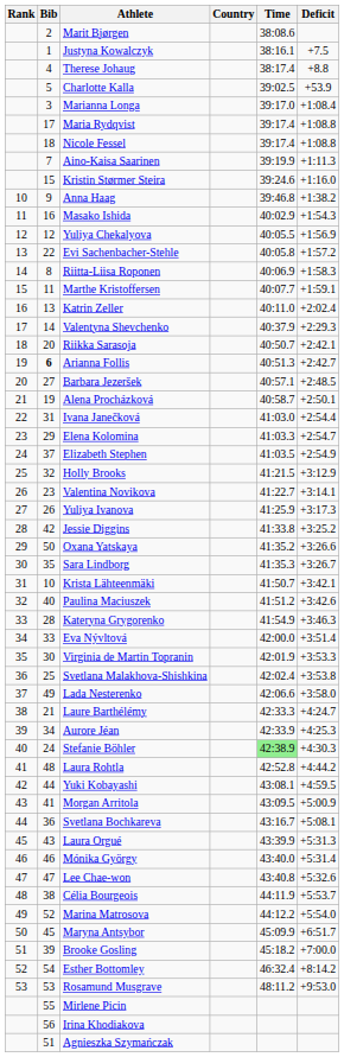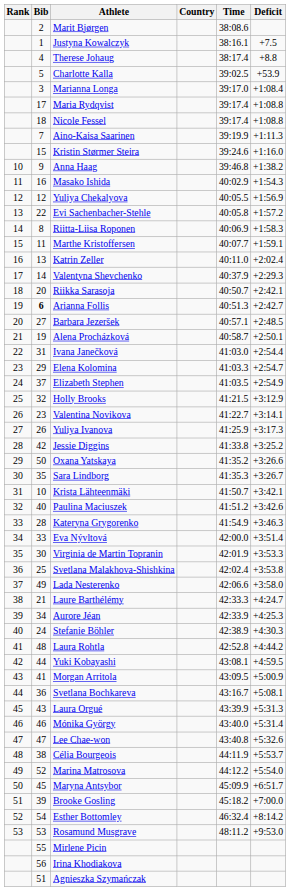 <table class="wikitable sortable" style="text-align:center">
 <tr>
 <th>Rank</th>
 <th>Bib</th>
 <th>Athlete</th>
 <th>Country</th>
 <th>Time</th>
 <th>Deficit</th>
 </tr>
 <tr>
 <td></td>
 <td>2</td>
 <td align=left><a href='#'>Marit Bjørgen</a></td>
 <td align=left></td>
 <td>38:08.6</td>
 <td></td>
 </tr>
 <tr>
 <td></td>
 <td>1</td>
 <td align=left><a href='#'>Justyna Kowalczyk</a></td>
 <td align=left></td>
 <td>38:16.1</td>
 <td>+7.5</td>
 </tr>
 <tr>
 <td></td>
 <td>4</td>
 <td align=left><a href='#'>Therese Johaug</a></td>
 <td align=left></td>
 <td>38:17.4</td>
 <td>+8.8</td>
 </tr>
 <tr>
 <td></td>
 <td>5</td>
 <td align=left><a href='#'>Charlotte Kalla</a></td>
 <td align=left></td>
 <td>39:02.5</td>
 <td>+53.9</td>
 </tr>
 <tr>
 <td></td>
 <td>3</td>
 <td align=left><a href='#'>Marianna Longa</a></td>
 <td align=left></td>
 <td>39:17.0</td>
 <td>+1:08.4</td>
 </tr>
 <tr>
 <td></td>
 <td>17</td>
 <td align=left><a href='#'>Maria Rydqvist</a></td>
 <td align=left></td>
 <td>39:17.4</td>
 <td>+1:08.8</td>
 </tr>
 <tr>
 <td></td>
 <td>18</td>
 <td align=left><a href='#'>Nicole Fessel</a></td>
 <td align=left></td>
 <td>39:17.4</td>
 <td>+1:08.8</td>
 </tr>
 <tr>
 <td></td>
 <td>7</td>
 <td align=left><a href='#'>Aino-Kaisa Saarinen</a></td>
 <td align=left></td>
 <td>39:19.9</td>
 <td>+1:11.3</td>
 </tr>
 <tr>
 <td></td>
 <td>15</td>
 <td align=left><a href='#'>Kristin Størmer Steira</a></td>
 <td align=left></td>
 <td>39:24.6</td>
 <td>+1:16.0</td>
 </tr>
 <tr>
 <td>10</td>
 <td>9</td>
 <td align=left><a href='#'>Anna Haag</a></td>
 <td align=left></td>
 <td>39:46.8</td>
 <td>+1:38.2</td>
 </tr>
 <tr>
 <td>11</td>
 <td>16</td>
 <td align=left><a href='#'>Masako Ishida</a></td>
 <td align=left></td>
 <td>40:02.9</td>
 <td>+1:54.3</td>
 </tr>
 <tr>
 <td>12</td>
 <td>12</td>
 <td align=left><a href='#'>Yuliya Chekalyova</a></td>
 <td align=left></td>
 <td>40:05.5</td>
 <td>+1:56.9</td>
 </tr>
 <tr>
 <td>13</td>
 <td>22</td>
 <td align=left><a href='#'>Evi Sachenbacher-Stehle</a></td>
 <td align=left></td>
 <td>40:05.8</td>
 <td>+1:57.2</td>
 </tr>
 <tr>
 <td>14</td>
 <td>8</td>
 <td align=left><a href='#'>Riitta-Liisa Roponen</a></td>
 <td align=left></td>
 <td>40:06.9</td>
 <td>+1:58.3</td>
 </tr>
 <tr>
 <td>15</td>
 <td>11</td>
 <td align=left><a href='#'>Marthe Kristoffersen</a></td>
 <td align=left></td>
 <td>40:07.7</td>
 <td>+1:59.1</td>
 </tr>
 <tr>
 <td>16</td>
 <td>13</td>
 <td align=left><a href='#'>Katrin Zeller</a></td>
 <td align=left></td>
 <td>40:11.0</td>
 <td>+2:02.4</td>
 </tr>
 <tr>
 <td>17</td>
 <td>14</td>
 <td align=left><a href='#'>Valentyna Shevchenko</a></td>
 <td align=left></td>
 <td>40:37.9</td>
 <td>+2:29.3</td>
 </tr>
 <tr>
 <td>18</td>
 <td>20</td>
 <td align=left><a href='#'>Riikka Sarasoja</a></td>
 <td align=left></td>
 <td>40:50.7</td>
 <td>+2:42.1</td>
 </tr>
 <tr>
 <td>19</td>
 <td><strong>6</strong></td>
 <td align=left><a href='#'>Arianna Follis</a></td>
 <td align=left></td>
 <td>40:51.3</td>
 <td>+2:42.7</td>
 </tr>
 <tr>
 <td>20</td>
 <td>27</td>
 <td align=left><a href='#'>Barbara Jezeršek</a></td>
 <td align=left></td>
 <td>40:57.1</td>
 <td>+2:48.5</td>
 </tr>
 <tr>
 <td>21</td>
 <td>19</td>
 <td align=left><a href='#'>Alena Procházková</a></td>
 <td align=left></td>
 <td>40:58.7</td>
 <td>+2:50.1</td>
 </tr>
 <tr>
 <td>22</td>
 <td>31</td>
 <td align=left><a href='#'>Ivana Janečková</a></td>
 <td align=left></td>
 <td>41:03.0</td>
 <td>+2:54.4</td>
 </tr>
 <tr>
 <td>23</td>
 <td>29</td>
 <td align=left><a href='#'>Elena Kolomina</a></td>
 <td align=left></td>
 <td>41:03.3</td>
 <td>+2:54.7</td>
 </tr>
 <tr>
 <td>24</td>
 <td>37</td>
 <td align=left><a href='#'>Elizabeth Stephen</a></td>
 <td align=left></td>
 <td>41:03.5</td>
 <td>+2:54.9</td>
 </tr>
 <tr>
 <td>25</td>
 <td>32</td>
 <td align=left><a href='#'>Holly Brooks</a></td>
 <td align=left></td>
 <td>41:21.5</td>
 <td>+3:12.9</td>
 </tr>
 <tr>
 <td>26</td>
 <td>23</td>
 <td align=left><a href='#'>Valentina Novikova</a></td>
 <td align=left></td>
 <td>41:22.7</td>
 <td>+3:14.1</td>
 </tr>
 <tr>
 <td>27</td>
 <td>26</td>
 <td align=left><a href='#'>Yuliya Ivanova</a></td>
 <td align=left></td>
 <td>41:25.9</td>
 <td>+3:17.3</td>
 </tr>
 <tr>
 <td>28</td>
 <td>42</td>
 <td align=left><a href='#'>Jessie Diggins</a></td>
 <td align=left></td>
 <td>41:33.8</td>
 <td>+3:25.2</td>
 </tr>
 <tr>
 <td>29</td>
 <td>50</td>
 <td align=left><a href='#'>Oxana Yatskaya</a></td>
 <td align=left></td>
 <td>41:35.2</td>
 <td>+3:26.6</td>
 </tr>
 <tr>
 <td>30</td>
 <td>35</td>
 <td align=left><a href='#'>Sara Lindborg</a></td>
 <td align=left></td>
 <td>41:35.3</td>
 <td>+3:26.7</td>
 </tr>
 <tr>
 <td>31</td>
 <td>10</td>
 <td align=left><a href='#'>Krista Lähteenmäki</a></td>
 <td align=left></td>
 <td>41:50.7</td>
 <td>+3:42.1</td>
 </tr>
 <tr>
 <td>32</td>
 <td>40</td>
 <td align=left><a href='#'>Paulina Maciuszek</a></td>
 <td align=left></td>
 <td>41:51.2</td>
 <td>+3:42.6</td>
 </tr>
 <tr>
 <td>33</td>
 <td>28</td>
 <td align=left><a href='#'>Kateryna Grygorenko</a></td>
 <td align=left></td>
 <td>41:54.9</td>
 <td>+3:46.3</td>
 </tr>
 <tr>
 <td>34</td>
 <td>33</td>
 <td align=left><a href='#'>Eva Nývltová</a></td>
 <td align=left></td>
 <td>42:00.0</td>
 <td>+3:51.4</td>
 </tr>
 <tr>
 <td>35</td>
 <td>30</td>
 <td align=left><a href='#'>Virginia de Martin Topranin</a></td>
 <td align=left></td>
 <td>42:01.9</td>
 <td>+3:53.3</td>
 </tr>
 <tr>
 <td>36</td>
 <td>25</td>
 <td align=left><a href='#'>Svetlana Malakhova-Shishkina</a></td>
 <td align=left></td>
 <td>42:02.4</td>
 <td>+3:53.8</td>
 </tr>
 <tr>
 <td>37</td>
 <td>49</td>
 <td align=left><a href='#'>Lada Nesterenko</a></td>
 <td align=left></td>
 <td>42:06.6</td>
 <td>+3:58.0</td>
 </tr>
 <tr>
 <td>38</td>
 <td>21</td>
 <td align=left><a href='#'>Laure Barthélémy</a></td>
 <td align=left></td>
 <td>42:33.3</td>
 <td>+4:24.7</td>
 </tr>
 <tr>
 <td>39</td>
 <td>34</td>
 <td align=left><a href='#'>Aurore Jéan</a></td>
 <td align=left></td>
 <td>42:33.9</td>
 <td>+4:25.3</td>
 </tr>
 <tr>
 <td>40</td>
 <td>24</td>
 <td align=left><a href='#'>Stefanie Böhler</a></td>
 <td align=left></td>
-<td style="background: lightgreen;">42:38.9</td>
+<td>42:38.9</td>
 <td>+4:30.3</td>
 </tr>
 <tr>
 <td>41</td>
 <td>48</td>
 <td align=left><a href='#'>Laura Rohtla</a></td>
 <td align=left></td>
 <td>42:52.8</td>
 <td>+4:44.2</td>
 </tr>
 <tr>
 <td>42</td>
 <td>44</td>
 <td align=left><a href='#'>Yuki Kobayashi</a></td>
 <td align=left></td>
 <td>43:08.1</td>
 <td>+4:59.5</td>
 </tr>
 <tr>
 <td>43</td>
 <td>41</td>
 <td align=left><a href='#'>Morgan Arritola</a></td>
 <td align=left></td>
 <td>43:09.5</td>
 <td>+5:00.9</td>
 </tr>
 <tr>
 <td>44</td>
 <td>36</td>
 <td align=left><a href='#'>Svetlana Bochkareva</a></td>
 <td align=left></td>
 <td>43:16.7</td>
 <td>+5:08.1</td>
 </tr>
 <tr>
 <td>45</td>
 <td>43</td>
 <td align=left><a href='#'>Laura Orgué</a></td>
 <td align=left></td>
 <td>43:39.9</td>
 <td>+5:31.3</td>
 </tr>
 <tr>
 <td>46</td>
 <td>46</td>
 <td align=left><a href='#'>Mónika György</a></td>
 <td align=left></td>
 <td>43:40.0</td>
 <td>+5:31.4</td>
 </tr>
 <tr>
 <td>47</td>
 <td>47</td>
 <td align=left><a href='#'>Lee Chae-won</a></td>
 <td align=left></td>
 <td>43:40.8</td>
 <td>+5:32.6</td>
 </tr>
 <tr>
 <td>48</td>
 <td>38</td>
 <td align=left><a href='#'>Célia Bourgeois</a></td>
 <td align=left></td>
 <td>44:11.9</td>
 <td>+5:53.7</td>
 </tr>
 <tr>
 <td>49</td>
 <td>52</td>
 <td align=left><a href='#'>Marina Matrosova</a></td>
 <td align=left></td>
 <td>44:12.2</td>
 <td>+5:54.0</td>
 </tr>
 <tr>
 <td>50</td>
 <td>45</td>
 <td align=left><a href='#'>Maryna Antsybor</a></td>
 <td align=left></td>
 <td>45:09.9</td>
 <td>+6:51.7</td>
 </tr>
 <tr>
 <td>51</td>
 <td>39</td>
 <td align=left><a href='#'>Brooke Gosling</a></td>
 <td align=left></td>
 <td>45:18.2</td>
 <td>+7:00.0</td>
 </tr>
 <tr>
 <td>52</td>
 <td>54</td>
 <td align=left><a href='#'>Esther Bottomley</a></td>
 <td align=left></td>
 <td>46:32.4</td>
 <td>+8:14.2</td>
 </tr>
 <tr>
 <td>53</td>
 <td>53</td>
 <td align=left><a href='#'>Rosamund Musgrave</a></td>
 <td align=left></td>
 <td>48:11.2</td>
 <td>+9:53.0</td>
 </tr>
 <tr>
 <td></td>
 <td>55</td>
 <td align=left><a href='#'>Mirlene Picin</a></td>
 <td align=left></td>
 <td></td>
 <td></td>
 </tr>
 <tr>
 <td></td>
 <td>56</td>
 <td align=left><a href='#'>Irina Khodiakova</a></td>
 <td align=left></td>
 <td></td>
 <td></td>
 </tr>
 <tr>
 <td></td>
 <td>51</td>
 <td align=left><a href='#'>Agnieszka Szymańczak</a></td>
 <td align=left></td>
 <td></td>
 <td></td>
 </tr>
 </table>
